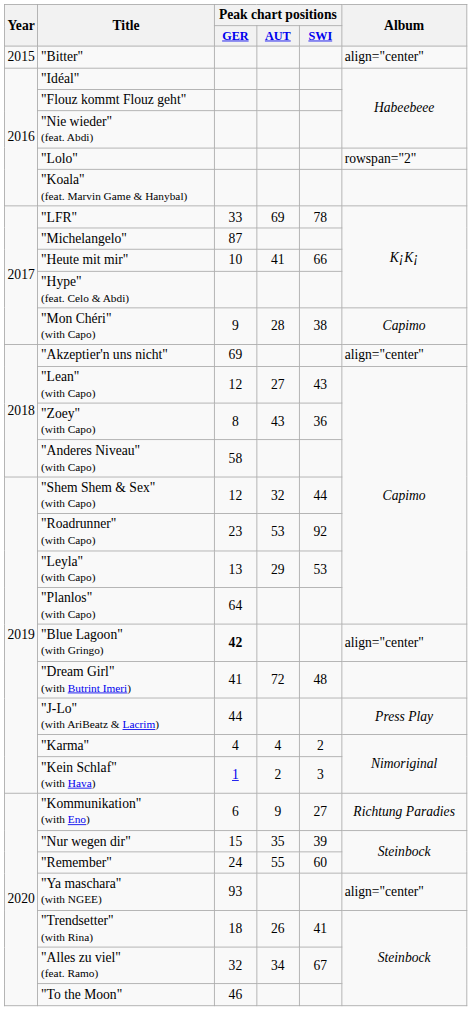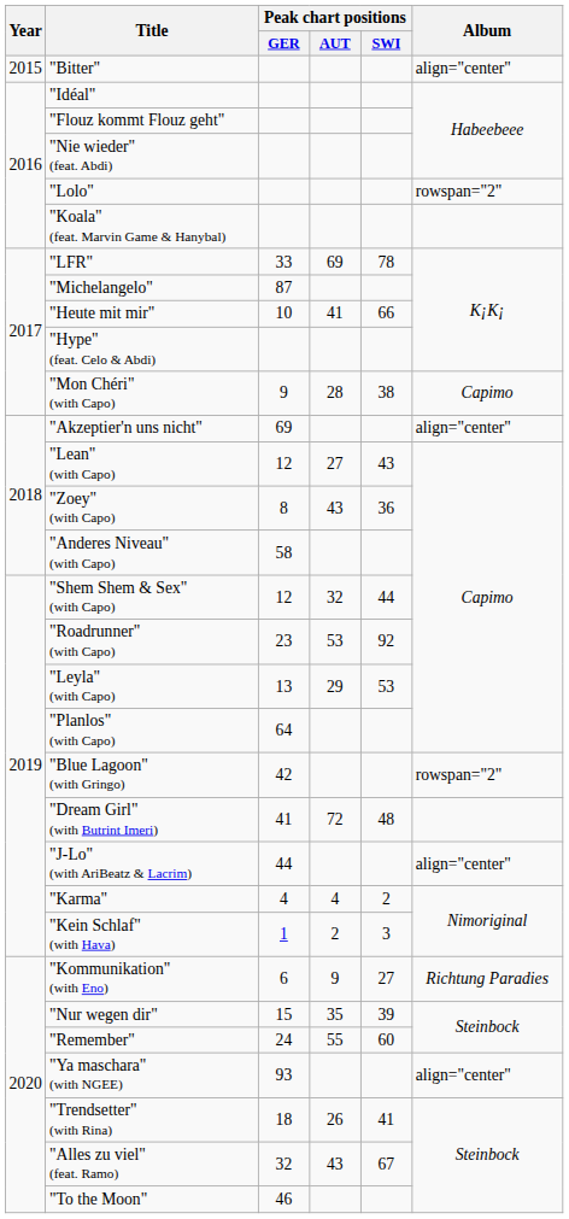 <table class="wikitable">
 <tr style="background: #eeeeee;">
 <th style="width: 20px;" rowspan="2">Year</th>
 <th style="width: 200px;" rowspan="2">Title</th>
 <th colspan="3">Peak chart positions</th>
 <th style="width: 140px;" rowspan="2">Album</th>
 </tr>
 <tr style="background: #eeeeee;">
 <th scope="col" style="width:3em;font-size:90%;"><a href='#'>GER</a><br></th>
 <th scope="col" style="width:3em;font-size:90%;"><a href='#'>AUT</a><br></th>
 <th scope="col" style="width:3em;font-size:90%;"><a href='#'>SWI</a><br></th>
 </tr>
 <tr>
 <td>2015</td>
 <td>"Bitter"</td>
 <td align="center"></td>
 <td align="center"></td>
 <td align="center"></td>
 <td>align="center" </td>
 </tr>
 <tr>
 <td rowspan=5>2016</td>
 <td>"Idéal"</td>
 <td align="center"></td>
 <td align="center"></td>
 <td align="center"></td>
 <td align="center" rowspan=3><em>Habeebeee</em></td>
 </tr>
 <tr>
 <td>"Flouz kommt Flouz geht"</td>
 <td align="center"></td>
 <td align="center"></td>
 <td align="center"></td>
 </tr>
 <tr>
 <td>"Nie wieder" <br><small>(feat. Abdi)</small></td>
 <td align="center"></td>
 <td align="center"></td>
 <td align="center"></td>
 </tr>
 <tr>
 <td>"Lolo"</td>
 <td align="center"></td>
 <td align="center"></td>
 <td align="center"></td>
 <td>rowspan="2" </td>
 </tr>
 <tr>
 <td>"Koala" <br><small>(feat. Marvin Game & Hanybal)</small></td>
 <td align="center"></td>
 <td align="center"></td>
 <td align="center"></td>
 </tr>
 <tr>
 <td rowspan=5>2017</td>
 <td>"LFR"</td>
 <td align="center">33</td>
 <td align="center">69</td>
 <td align="center">78</td>
 <td align="center" rowspan=4><em>K¡K¡</em></td>
 </tr>
 <tr>
 <td>"Michelangelo"</td>
 <td align="center">87</td>
 <td align="center"></td>
 <td align="center"></td>
 </tr>
 <tr>
 <td>"Heute mit mir"</td>
 <td align="center">10</td>
 <td align="center">41</td>
 <td align="center">66</td>
 </tr>
 <tr>
 <td>"Hype" <br><small>(feat. Celo & Abdi)</small></td>
 <td align="center"></td>
 <td align="center"></td>
 <td align="center"></td>
 </tr>
 <tr>
 <td>"Mon Chéri" <br><small>(with Capo)</small></td>
 <td align="center">9</td>
 <td align="center">28</td>
 <td align="center">38</td>
 <td align="center"><em>Capimo</em></td>
 </tr>
 <tr>
 <td rowspan=4>2018</td>
 <td>"Akzeptier'n uns nicht"</td>
 <td align="center">69</td>
 <td align="center"></td>
 <td align="center"></td>
 <td>align="center" </td>
 </tr>
 <tr>
 <td>"Lean" <br><small>(with Capo)</small></td>
 <td align="center">12</td>
 <td align="center">27</td>
 <td align="center">43</td>
 <td align="center" rowspan=7><em>Capimo</em></td>
 </tr>
 <tr>
 <td>"Zoey" <br><small>(with Capo)</small></td>
 <td align="center">8</td>
 <td align="center">43</td>
 <td align="center">36</td>
 </tr>
 <tr>
 <td>"Anderes Niveau" <br><small>(with Capo)</small></td>
 <td align="center">58</td>
 <td align="center"></td>
 <td align="center"></td>
 </tr>
 <tr>
 <td rowspan=9>2019</td>
 <td>"Shem Shem & Sex" <br><small>(with Capo)</small></td>
 <td align="center">12</td>
 <td align="center">32</td>
 <td align="center">44</td>
 </tr>
 <tr>
 <td>"Roadrunner" <br><small>(with Capo)</small></td>
 <td align="center">23</td>
 <td align="center">53</td>
 <td align="center">92</td>
 </tr>
 <tr>
 <td>"Leyla" <br><small>(with Capo)</small></td>
 <td align="center">13</td>
 <td align="center">29</td>
 <td align="center">53</td>
 </tr>
 <tr>
 <td>"Planlos" <br><small>(with Capo)</small></td>
 <td align="center">64</td>
 <td align="center"></td>
 <td align="center"></td>
 </tr>
 <tr>
 <td>"Blue Lagoon" <br><small>(with Gringo)</small></td>
-<td align="center"><strong>42</strong></td>
+<td align="center">42</td>
 <td align="center"></td>
 <td align="center"></td>
-<td>align="center" </td>
+<td>rowspan="2" </td>
 </tr>
 <tr>
 <td>"Dream Girl" <br><small>(with <a href='#'>Butrint Imeri</a>)</small></td>
 <td align="center">41</td>
 <td align="center">72</td>
 <td align="center">48</td>
 </tr>
 <tr>
 <td>"J-Lo" <br><small>(with AriBeatz & <a href='#'>Lacrim</a>)</small></td>
 <td align="center">44</td>
 <td align="center"></td>
 <td align="center"></td>
-<td align="center"><em>Press Play</em></td>
+<td>align="center" </td>
 </tr>
 <tr>
 <td>"Karma"</td>
 <td align="center">4</td>
 <td align="center">4</td>
 <td align="center">2</td>
 <td align="center" rowspan=2><em>Nimoriginal</em></td>
 </tr>
 <tr>
 <td>"Kein Schlaf" <br><small>(with <a href='#'>Hava</a>)</small></td>
 <td align="center"><a href='#'>1</a></td>
 <td align="center">2</td>
 <td align="center">3</td>
 </tr>
 <tr>
 <td rowspan=7>2020</td>
 <td>"Kommunikation" <br><small>(with <a href='#'>Eno</a>)</small></td>
 <td align="center">6</td>
 <td align="center">9</td>
 <td align="center">27</td>
 <td align="center"><em>Richtung Paradies</em></td>
 </tr>
 <tr>
 <td>"Nur wegen dir"</td>
 <td align="center">15</td>
 <td align="center">35</td>
 <td align="center">39</td>
 <td align="center" rowspan=2><em>Steinbock</em></td>
 </tr>
 <tr>
 <td>"Remember"</td>
 <td align="center">24</td>
 <td align="center">55</td>
 <td align="center">60</td>
 </tr>
 <tr>
 <td>"Ya maschara" <br><small>(with NGEE)</small></td>
 <td align="center">93</td>
 <td align="center"></td>
 <td align="center"></td>
 <td>align="center" </td>
 </tr>
 <tr>
 <td>"Trendsetter" <br><small>(with Rina)</small></td>
 <td align="center">18</td>
 <td align="center">26</td>
 <td align="center">41</td>
 <td align="center" rowspan=3><em>Steinbock</em></td>
 </tr>
 <tr>
 <td>"Alles zu viel" <br><small>(feat. Ramo)</small></td>
 <td align="center">32</td>
-<td align="center">34</td>
+<td align="center">43</td>
 <td align="center">67</td>
 </tr>
 <tr>
 <td>"To the Moon"</td>
 <td align="center">46</td>
 <td align="center"></td>
 <td align="center"></td>
 </tr>
 </table>
